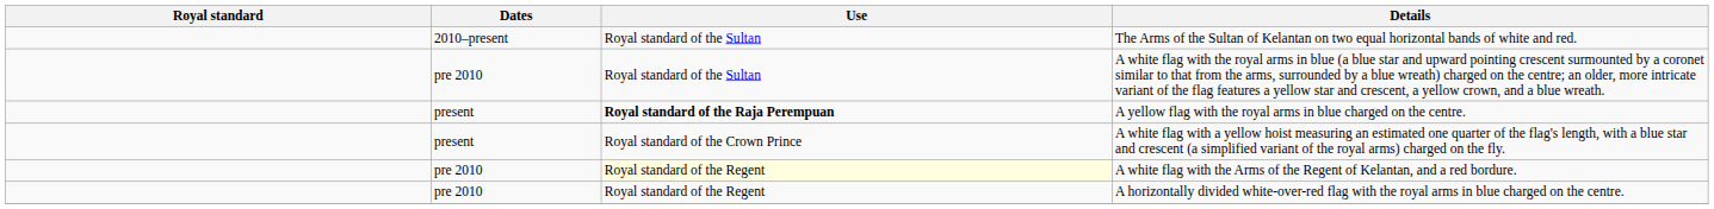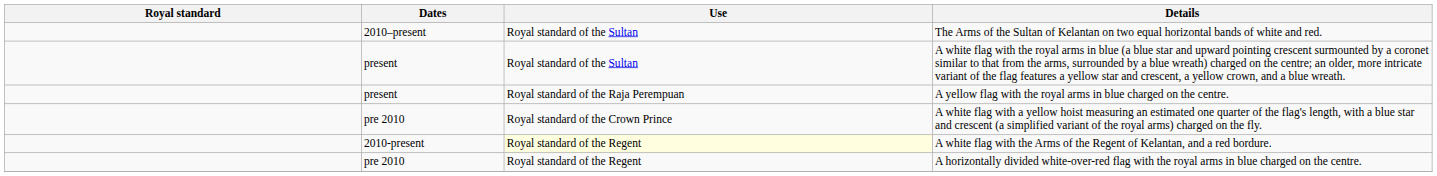 <table class="wikitable" width="100%">
 <tr>
 <th width = "25%">Royal standard</th>
 <th width = "10%">Dates</th>
 <th width = "30%">Use</th>
 <th width = "35%">Details</th>
 </tr>
 <tr>
 <td></td>
 <td>2010–present</td>
 <td>Royal standard of the <a href='#'>Sultan</a></td>
 <td>The Arms of the Sultan of Kelantan on two equal horizontal bands of white and red.</td>
 </tr>
 <tr>
 <td></td>
-<td>pre 2010</td>
+<td>present</td>
 <td>Royal standard of the <a href='#'>Sultan</a></td>
 <td>A white flag with the royal arms in blue (a blue star and upward pointing crescent surmounted by a coronet similar to that from the arms, surrounded by a blue wreath) charged on the centre; an older, more intricate variant of the flag features a yellow star and crescent, a yellow crown, and a blue wreath.</td>
 </tr>
 <tr>
 <td></td>
 <td>present</td>
-<td><strong>Royal standard of the Raja Perempuan</strong></td>
+<td>Royal standard of the Raja Perempuan</td>
 <td>A yellow flag with the royal arms in blue charged on the centre.</td>
 </tr>
 <tr>
 <td></td>
-<td>present</td>
+<td>pre 2010</td>
 <td>Royal standard of the Crown Prince</td>
 <td>A white flag with a yellow hoist measuring an estimated one quarter of the flag's length, with a blue star and crescent (a simplified variant of the royal arms) charged on the fly.</td>
 </tr>
 <tr>
 <td></td>
-<td>pre 2010</td>
+<td>2010-present</td>
 <td style="background: lightyellow;">Royal standard of the Regent</td>
 <td>A white flag with the Arms of the Regent of Kelantan, and a red bordure.</td>
 </tr>
 <tr>
 <td></td>
 <td>pre 2010</td>
 <td>Royal standard of the Regent</td>
 <td>A horizontally divided white-over-red flag with the royal arms in blue charged on the centre.</td>
 </tr>
 <tr>
 </tr>
 </table>
